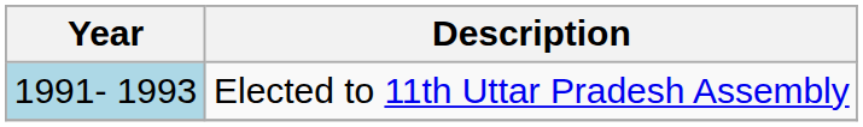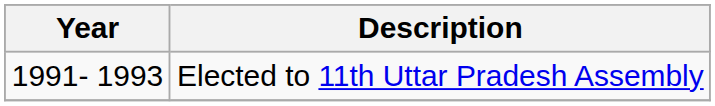 <table class="wikitable">
 <tr>
 <th>Year</th>
 <th>Description</th>
 </tr>
 <tr>
-<td style="background: lightblue;">1991- 1993</td>
+<td>1991- 1993</td>
 <td>Elected to <a href='#'>11th Uttar Pradesh Assembly</a></td>
 </tr>
 <tr>
 </tr>
 </table>
